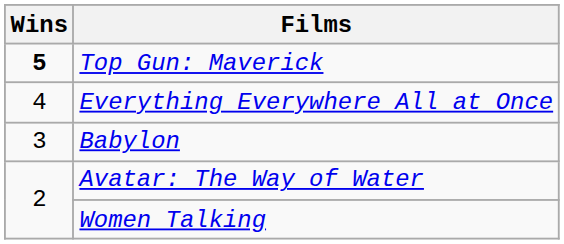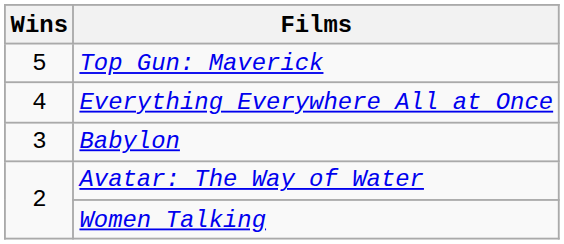 <table class="wikitable">
 <tr>
 <th>Wins</th>
 <th>Films</th>
 </tr>
 <tr>
-<td style="text-align:center"><strong>5</strong></td>
+<td style="text-align:center">5</td>
 <td><em><a href='#'>Top Gun: Maverick</a></em></td>
 </tr>
 <tr>
 <td style="text-align:center">4</td>
 <td><em><a href='#'>Everything Everywhere All at Once</a></em></td>
 </tr>
 <tr>
 <td style="text-align:center">3</td>
 <td><em><a href='#'>Babylon</a></em></td>
 </tr>
 <tr>
 <td rowspan="2" style="text-align:center">2</td>
 <td><em><a href='#'>Avatar: The Way of Water</a></em></td>
 </tr>
 <tr>
 <td><em><a href='#'>Women Talking</a></em></td>
 </tr>
 </table>
